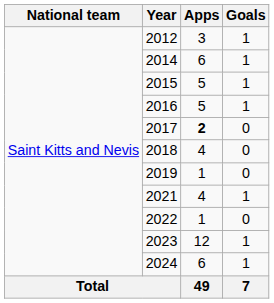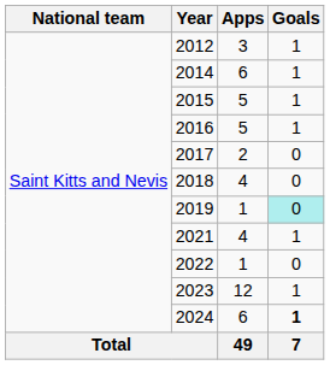 <table class="wikitable" style="text-align:center">
 <tr>
 <th>National team</th>
 <th>Year</th>
 <th>Apps</th>
 <th>Goals</th>
 </tr>
 <tr>
 <td rowspan="11"><a href='#'>Saint Kitts and Nevis</a></td>
 <td>2012</td>
 <td>3</td>
 <td>1</td>
 </tr>
 <tr>
 <td>2014</td>
 <td>6</td>
 <td>1</td>
 </tr>
 <tr>
 <td>2015</td>
 <td>5</td>
 <td>1</td>
 </tr>
 <tr>
 <td>2016</td>
 <td>5</td>
 <td>1</td>
 </tr>
 <tr>
 <td>2017</td>
-<td><strong>2</strong></td>
+<td>2</td>
 <td>0</td>
 </tr>
 <tr>
 <td>2018</td>
 <td>4</td>
 <td>0</td>
 </tr>
 <tr>
 <td>2019</td>
 <td>1</td>
-<td>0</td>
+<td style="background: paleturquoise;">0</td>
 </tr>
 <tr>
 <td>2021</td>
 <td>4</td>
 <td>1</td>
 </tr>
 <tr>
 <td>2022</td>
 <td>1</td>
 <td>0</td>
 </tr>
 <tr>
 <td>2023</td>
 <td>12</td>
 <td>1</td>
 </tr>
 <tr>
 <td>2024</td>
 <td>6</td>
-<td>1</td>
+<td><strong>1</strong></td>
 </tr>
 <tr>
 <th colspan="2">Total</th>
 <th>49</th>
 <th>7</th>
 </tr>
 </table>
